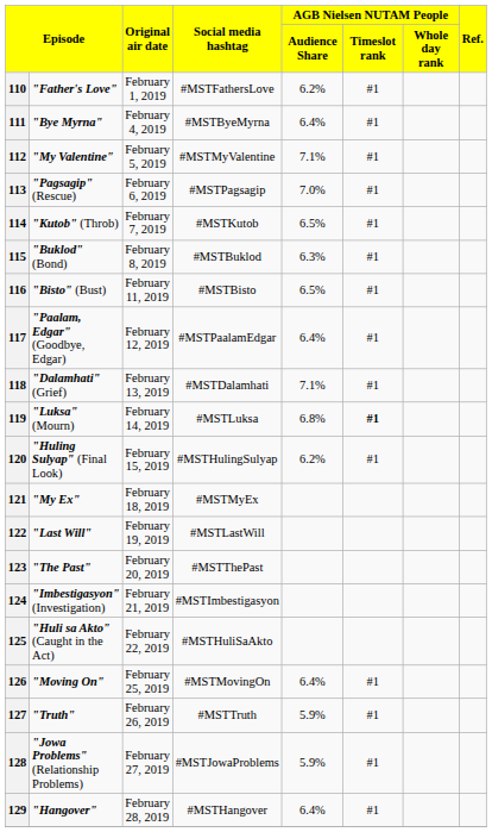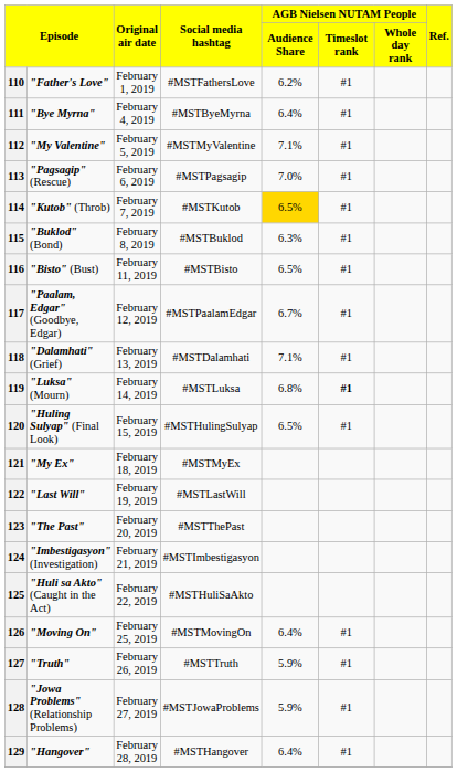 <table class="wikitable" style="text-align:center; font-size:100%; line-height:18px;" width="100%">
 <tr>
 <th style="background-color:#FFFF00; color:#000000;" colspan="2" rowspan="2">Episode</th>
 <th style="background-color:#FFFF00; color:#000000" rowspan="2">Original air date</th>
 <th style="background-color:#FFFF00; color:#000000" rowspan="2">Social media hashtag</th>
 <th style="background-color:#FFFF00; color:#000000;" colspan="3">AGB Nielsen NUTAM People</th>
 <th style="background-color:#FFFF00; color:#000000;" rowspan="2">Ref.</th>
 </tr>
 <tr>
 <th style="background-color:#FFFF00; width:75px; color:#000000;">Audience Share</th>
 <th style="background-color:#FFFF00; width:75px; color:#000000;">Timeslot<br>rank</th>
 <th style="background-color:#FFFF00; width:75px; color:#000000;">Whole day<br>rank</th>
 </tr>
 <tr>
 <th>110</th>
 <td style="text-align: left;"><strong><em>"Father's Love"</em></strong></td>
 <td>February 1, 2019</td>
 <td>#MSTFathersLove</td>
 <td>6.2%</td>
 <td>#1</td>
 <td></td>
 <td></td>
 </tr>
 <tr>
 <th>111</th>
 <td style="text-align: left;"><strong><em>"Bye Myrna"</em></strong></td>
 <td>February 4, 2019</td>
 <td>#MSTByeMyrna</td>
 <td>6.4%</td>
 <td>#1</td>
 <td></td>
 <td></td>
 </tr>
 <tr>
 <th>112</th>
 <td style="text-align: left;"><strong><em>"My Valentine"</em></strong></td>
 <td>February 5, 2019</td>
 <td>#MSTMyValentine</td>
 <td>7.1%</td>
 <td>#1</td>
 <td></td>
 <td></td>
 </tr>
 <tr>
 <th>113</th>
 <td style="text-align: left;"><strong><em>"Pagsagip"</em></strong> (Rescue)</td>
 <td>February 6, 2019</td>
 <td>#MSTPagsagip</td>
 <td>7.0%</td>
 <td>#1</td>
 <td></td>
 <td></td>
 </tr>
 <tr>
 <th>114</th>
 <td style="text-align: left;"><strong><em>"Kutob"</em></strong> (Throb)</td>
 <td>February 7, 2019</td>
 <td>#MSTKutob</td>
-<td>6.5%</td>
+<td style="background: gold;">6.5%</td>
 <td>#1</td>
 <td></td>
 <td></td>
 </tr>
 <tr>
 <th>115</th>
 <td style="text-align: left;"><strong><em>"Buklod"</em></strong> (Bond)</td>
 <td>February 8, 2019</td>
 <td>#MSTBuklod</td>
 <td>6.3%</td>
 <td>#1</td>
 <td></td>
 <td></td>
 </tr>
 <tr>
 <th>116</th>
 <td style="text-align: left;"><strong><em>"Bisto"</em></strong> (Bust)</td>
 <td>February 11, 2019</td>
 <td>#MSTBisto</td>
 <td>6.5%</td>
 <td>#1</td>
 <td></td>
 <td></td>
 </tr>
 <tr>
 <th>117</th>
 <td style="text-align: left;"><strong><em>"Paalam, Edgar"</em></strong> (Goodbye, Edgar)</td>
 <td>February 12, 2019</td>
 <td>#MSTPaalamEdgar</td>
-<td>6.4%</td>
+<td>6.7%</td>
 <td>#1</td>
 <td></td>
 <td></td>
 </tr>
 <tr>
 <th>118</th>
 <td style="text-align: left;"><strong><em>"Dalamhati"</em></strong> (Grief)</td>
 <td>February 13, 2019</td>
 <td>#MSTDalamhati</td>
 <td>7.1%</td>
 <td>#1</td>
 <td></td>
 <td></td>
 </tr>
 <tr>
 <th>119</th>
 <td style="text-align: left;"><strong><em>"Luksa"</em></strong> (Mourn)</td>
 <td>February 14, 2019</td>
 <td>#MSTLuksa</td>
 <td>6.8%</td>
 <td><strong>#1</strong></td>
 <td></td>
 <td></td>
 </tr>
 <tr>
 <th>120</th>
 <td style="text-align: left;"><strong><em>"Huling Sulyap"</em></strong> (Final Look)</td>
 <td>February 15, 2019</td>
 <td>#MSTHulingSulyap</td>
-<td>6.2%</td>
+<td>6.5%</td>
 <td>#1</td>
 <td></td>
 <td></td>
 </tr>
 <tr>
 <th>121</th>
 <td style="text-align: left;"><strong><em>"My Ex"</em></strong></td>
 <td>February 18, 2019</td>
 <td>#MSTMyEx</td>
 <td></td>
 <td></td>
 <td></td>
 <td></td>
 </tr>
 <tr>
 <th>122</th>
 <td style="text-align: left;"><strong><em>"Last Will"</em></strong></td>
 <td>February 19, 2019</td>
 <td>#MSTLastWill</td>
 <td></td>
 <td></td>
 <td></td>
 <td></td>
 </tr>
 <tr>
 <th>123</th>
 <td style="text-align: left;"><strong><em>"The Past"</em></strong></td>
 <td>February 20, 2019</td>
 <td>#MSTThePast</td>
 <td></td>
 <td></td>
 <td></td>
 <td></td>
 </tr>
 <tr>
 <th>124</th>
 <td style="text-align: left;"><strong><em>"Imbestigasyon"</em></strong> (Investigation)</td>
 <td>February 21, 2019</td>
 <td>#MSTImbestigasyon</td>
 <td></td>
 <td></td>
 <td></td>
 <td></td>
 </tr>
 <tr>
 <th>125</th>
 <td style="text-align: left;"><strong><em>"Huli sa Akto"</em></strong> (Caught in the Act)</td>
 <td>February 22, 2019</td>
 <td>#MSTHuliSaAkto</td>
 <td></td>
 <td></td>
 <td></td>
 <td></td>
 </tr>
 <tr>
 <th>126</th>
 <td style="text-align: left;"><strong><em>"Moving On"</em></strong></td>
 <td>February 25, 2019</td>
 <td>#MSTMovingOn</td>
 <td>6.4%</td>
 <td>#1</td>
 <td></td>
 <td></td>
 </tr>
 <tr>
 <th>127</th>
 <td style="text-align: left;"><strong><em>"Truth"</em></strong></td>
 <td>February 26, 2019</td>
 <td>#MSTTruth</td>
 <td>5.9%</td>
 <td>#1</td>
 <td></td>
 <td></td>
 </tr>
 <tr>
 <th>128</th>
 <td style="text-align: left;"><strong><em>"Jowa Problems"</em></strong> (Relationship Problems)</td>
 <td>February 27, 2019</td>
 <td>#MSTJowaProblems</td>
 <td>5.9%</td>
 <td>#1</td>
 <td></td>
 <td></td>
 </tr>
 <tr>
 <th>129</th>
 <td style="text-align: left;"><strong><em>"Hangover"</em></strong></td>
 <td>February 28, 2019</td>
 <td>#MSTHangover</td>
 <td>6.4%</td>
 <td>#1</td>
 <td></td>
 <td></td>
 </tr>
 <tr>
 </tr>
 </table>
